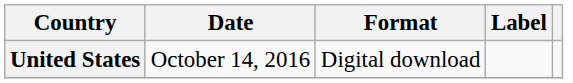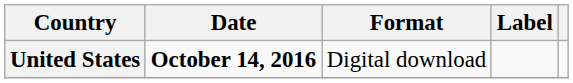 <table class="wikitable plainrowheaders">
 <tr>
 <th>Country</th>
 <th>Date</th>
 <th>Format</th>
 <th>Label</th>
 <th></th>
 </tr>
 <tr>
 <th scope="row">United States</th>
-<td>October 14, 2016</td>
+<td><strong>October 14, 2016</strong></td>
 <td>Digital download</td>
 <td></td>
 <td></td>
 </tr>
 <tr>
 </tr>
 </table>
